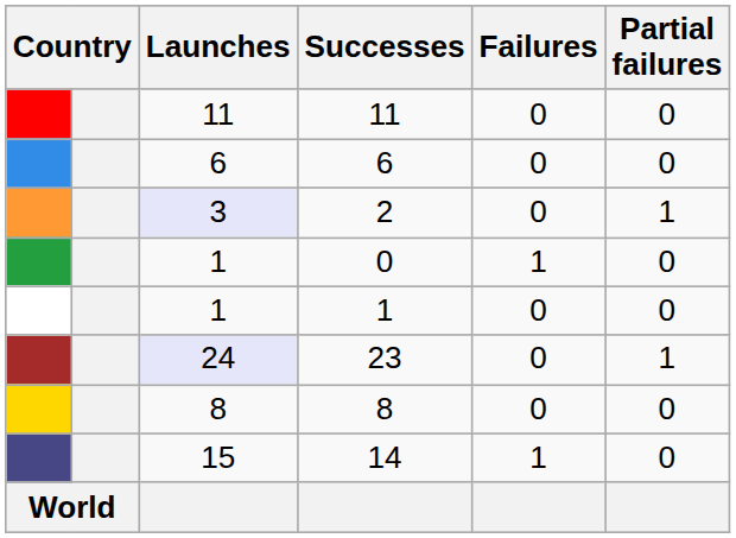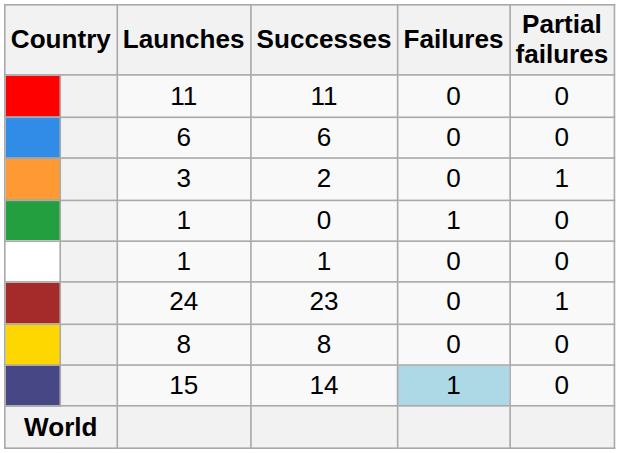 <table class="wikitable sortable" style="text-align:center;">
 <tr>
 <th colspan=2>Country</th>
 <th>Launches</th>
 <th>Successes</th>
 <th>Failures</th>
 <th>Partial <br> failures</th>
 </tr>
 <tr>
 <th scope=row style="background:#ff0000;"></th>
 <th style="text-align:left;"></th>
 <td>11</td>
 <td>11</td>
 <td>0</td>
 <td>0</td>
 </tr>
 <tr>
 <th scope=row style="background:#318ce7;"></th>
 <th style="text-align:left;"></th>
 <td>6</td>
 <td>6</td>
 <td>0</td>
 <td>0</td>
 </tr>
 <tr>
 <th scope=row style="background:#ff9933;"></th>
 <th style="text-align:left;"></th>
-<td style="background: lavender;">3</td>
+<td>3</td>
 <td>2</td>
 <td>0</td>
 <td>1</td>
 </tr>
 <tr>
 <th scope=row style="background:#239f40;"></th>
 <th style="text-align:left;"></th>
 <td>1</td>
 <td>0</td>
 <td>1</td>
 <td>0</td>
 </tr>
 <tr>
 <th scope=row style="background:#ffffff;"></th>
 <th style="text-align:left;"></th>
 <td>1</td>
 <td>1</td>
 <td>0</td>
 <td>0</td>
 </tr>
 <tr>
 <th scope=row style="background:#a52a2a;"></th>
 <th style="text-align:left;"></th>
-<td style="background: lavender;">24</td>
+<td>24</td>
 <td>23</td>
 <td>0</td>
 <td>1</td>
 </tr>
 <tr>
 <th scope=row style="background:#ffd700;"></th>
 <th style="text-align:left;"></th>
 <td>8</td>
 <td>8</td>
 <td>0</td>
 <td>0</td>
 </tr>
 <tr>
 <th scope=row style="background:#484785;"></th>
 <th style="text-align:left;"></th>
 <td>15</td>
 <td>14</td>
-<td>1</td>
+<td style="background: lightblue;">1</td>
 <td>0</td>
 </tr>
 <tr class="sortbottom">
 <th colspan="2">World</th>
 <th></th>
 <th></th>
 <th></th>
 <th></th>
 </tr>
 </table>
